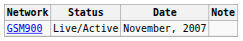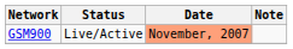 <table class="wikitable">
 <tr>
 <th>Network</th>
 <th>Status</th>
 <th>Date</th>
 <th>Note</th>
 </tr>
 <tr>
 <td><a href='#'>GSM900</a></td>
 <td>Live/Active</td>
-<td>November, 2007</td>
+<td style="background: lightsalmon;">November, 2007</td>
 <td></td>
 </tr>
 <tr>
 </tr>
 </table>
